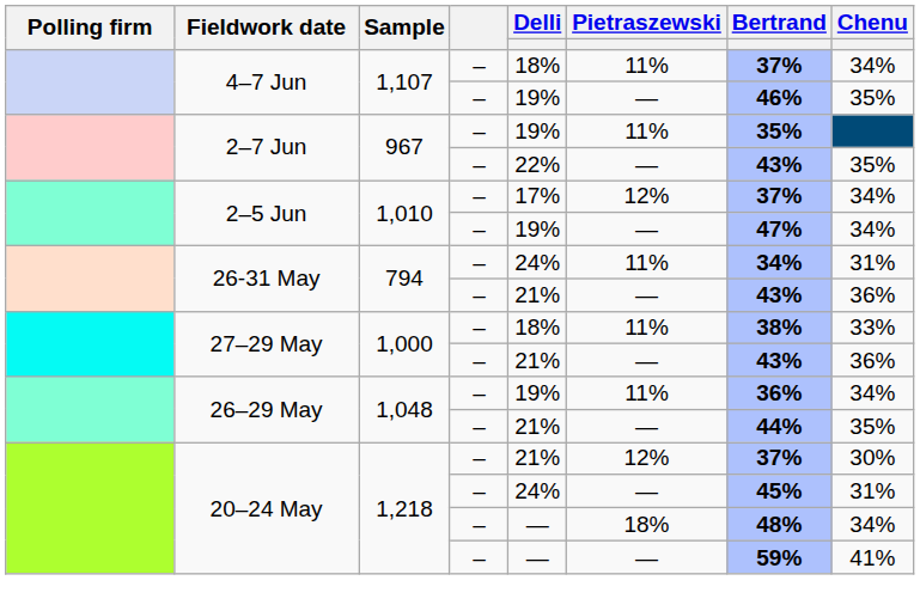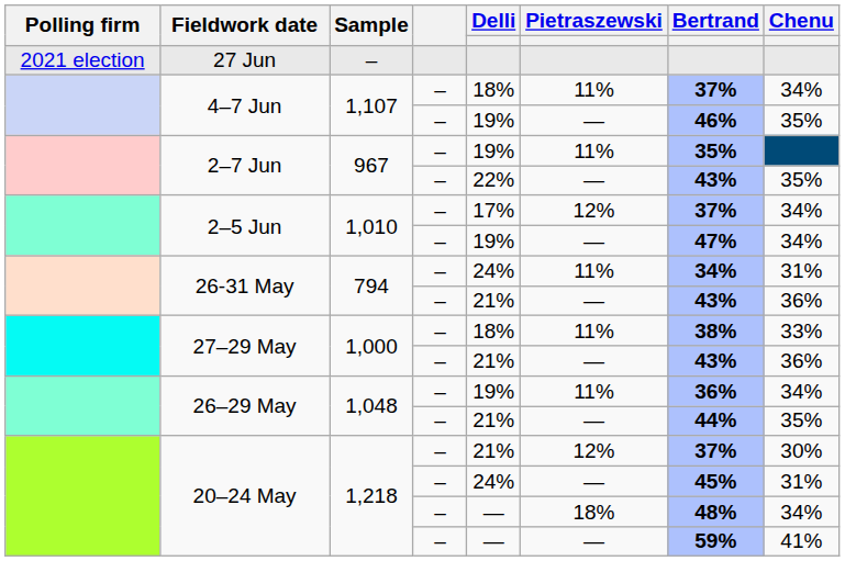 <table class="wikitable" style="text-align:center;font-size:90%;line-height:14px;">
 <tr>
 <th rowspan="2" style="width:100px;">Polling firm</th>
 <th rowspan="2" style="width:110px;">Fieldwork date</th>
 <th rowspan="2" style="width:35px;">Sample</th>
 <th rowspan="2" style="width:30px;"></th>
 <th><a href='#'>Delli</a><br></th>
 <th><a href='#'>Pietraszewski</a><br></th>
 <th><a href='#'>Bertrand</a><br></th>
 <th><a href='#'>Chenu</a><br></th>
 </tr>
 <tr>
 <th style="background:"></th>
 <th style="background:"></th>
 <th style="background:"></th>
 <th style="background:"></th>
+</tr>
+<tr style="background:#E9E9E9;">
+<td><a href='#'>2021 election</a></td>
+<td data-sort-value="2021-06-27">27 Jun</td>
+<td>–</td>
+<td></td>
+<td></td>
+<td></td>
+<td></td>
+<td></td>
 </tr>
 <tr>
 <td rowspan=2 style="background:#CAD5F7;"></td>
 <td rowspan=2>4–7 Jun</td>
 <td rowspan=2>1,107</td>
 <td>–</td>
 <td>18%</td>
 <td>11%</td>
 <td style="background:#ADC1FD;"><strong>37%</strong></td>
 <td>34%</td>
 </tr>
 <tr>
 <td>–</td>
 <td>19%</td>
 <td>—</td>
 <td style="background:#ADC1FD;"><strong>46%</strong></td>
 <td>35%</td>
 </tr>
 <tr>
 <td rowspan="2" style="background:#FFCCCC;"></td>
 <td rowspan="2">2–7 Jun</td>
 <td rowspan="2">967</td>
 <td>–</td>
 <td>19%</td>
 <td>11%</td>
 <td style="background:#ADC1FD;"><strong>35%</strong></td>
 <td style="background:#004A77;"></td>
 </tr>
 <tr>
 <td>–</td>
 <td>22%</td>
 <td>—</td>
 <td style="background:#ADC1FD;"><strong>43%</strong></td>
 <td>35%</td>
 </tr>
 <tr>
 <td rowspan=2 style="background:aquamarine;"></td>
 <td rowspan=2>2–5 Jun</td>
 <td rowspan=2>1,010</td>
 <td>–</td>
 <td>17%</td>
 <td>12%</td>
 <td style="background:#ADC1FD;"><strong>37%</strong></td>
 <td>34%</td>
 </tr>
 <tr>
 <td>–</td>
 <td>19%</td>
 <td>—</td>
 <td style="background:#ADC1FD;"><strong>47%</strong></td>
 <td>34%</td>
 </tr>
 <tr>
 <td rowspan=2 style="background:#FFDFCC;"></td>
 <td rowspan=2 data-sort-value="2021-05-31">26-31 May</td>
 <td rowspan=2>794</td>
 <td>–</td>
 <td>24%</td>
 <td>11%</td>
 <td style="background:#ADC1FD;"><strong>34%</strong></td>
 <td>31%</td>
 </tr>
 <tr>
 <td>–</td>
 <td>21%</td>
 <td>—</td>
 <td style="background:#ADC1FD;"><strong>43%</strong></td>
 <td>36%</td>
 </tr>
 <tr>
 <td rowspan="2" style="background:#04FBF4;"></td>
 <td rowspan="2">27–29 May</td>
 <td rowspan="2">1,000</td>
 <td>–</td>
 <td>18%</td>
 <td>11%</td>
 <td style="background:#ADC1FD;"><strong>38%</strong></td>
 <td>33%</td>
 </tr>
 <tr>
 <td>–</td>
 <td>21%</td>
 <td>—</td>
 <td style="background:#ADC1FD;"><strong>43%</strong></td>
 <td>36%</td>
 </tr>
 <tr>
 <td rowspan="2"  style="background:aquamarine;"></td>
 <td rowspan="2">26–29 May</td>
 <td rowspan="2">1,048</td>
 <td>–</td>
 <td>19%</td>
 <td>11%</td>
 <td style="background:#ADC1FD;"><strong>36%</strong></td>
 <td>34%</td>
 </tr>
 <tr>
 <td>–</td>
 <td>21%</td>
 <td>—</td>
 <td style="background:#ADC1FD;"><strong>44%</strong></td>
 <td>35%</td>
 </tr>
 <tr>
 <td rowspan=4 style="background:GreenYellow;"></td>
 <td rowspan=4 data-sort-value="2021-05-24">20–24 May</td>
 <td rowspan=4>1,218</td>
 <td>–</td>
 <td>21%</td>
 <td>12%</td>
 <td style="background:#ADC1FD;"><strong>37%</strong></td>
 <td>30%</td>
 </tr>
 <tr>
 <td>–</td>
 <td>24%</td>
 <td>—</td>
 <td style="background:#ADC1FD;"><strong>45%</strong></td>
 <td>31%</td>
 </tr>
 <tr>
 <td>–</td>
 <td>—</td>
 <td>18%</td>
 <td style="background:#ADC1FD;"><strong>48%</strong></td>
 <td>34%</td>
 </tr>
 <tr>
 <td>–</td>
 <td>—</td>
 <td>—</td>
 <td style="background:#ADC1FD;"><strong>59%</strong></td>
 <td>41%</td>
 </tr>
 </table>
